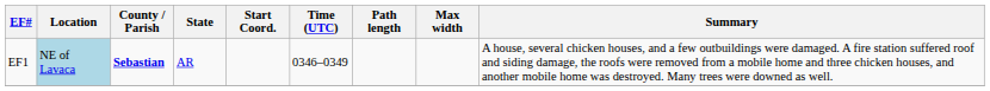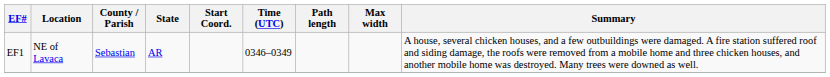 <table class="wikitable sortable" style="width:100%;">
 <tr>
 <th scope="col" width="3%" align="center"><a href='#'>EF#</a></th>
 <th scope="col" width="7%" align="center" class="unsortable">Location</th>
 <th scope="col" width="6%" align="center" class="unsortable">County / Parish</th>
 <th scope="col" width="5%" align="center">State</th>
 <th scope="col" width="6%" align="center">Start Coord.</th>
 <th scope="col" width="6%" align="center">Time (<a href='#'>UTC</a>)</th>
 <th scope="col" width="6%" align="center">Path length</th>
 <th scope="col" width="6%" align="center">Max width</th>
 <th scope="col" width="48%" class="unsortable" align="center">Summary</th>
 </tr>
 <tr>
 <td>EF1</td>
-<td style="background: lightblue;">NE of <a href='#'>Lavaca</a></td>
-<td><strong><a href='#'>Sebastian</a></strong></td>
+<td>NE of <a href='#'>Lavaca</a></td>
+<td><a href='#'>Sebastian</a></td>
 <td><a href='#'>AR</a></td>
 <td></td>
 <td>0346–0349</td>
 <td></td>
 <td></td>
 <td>A house, several chicken houses, and a few outbuildings were damaged. A fire station suffered roof and siding damage, the roofs were removed from a mobile home and three chicken houses, and another mobile home was destroyed. Many trees were downed as well.</td>
 </tr>
 <tr>
 </tr>
 </table>
